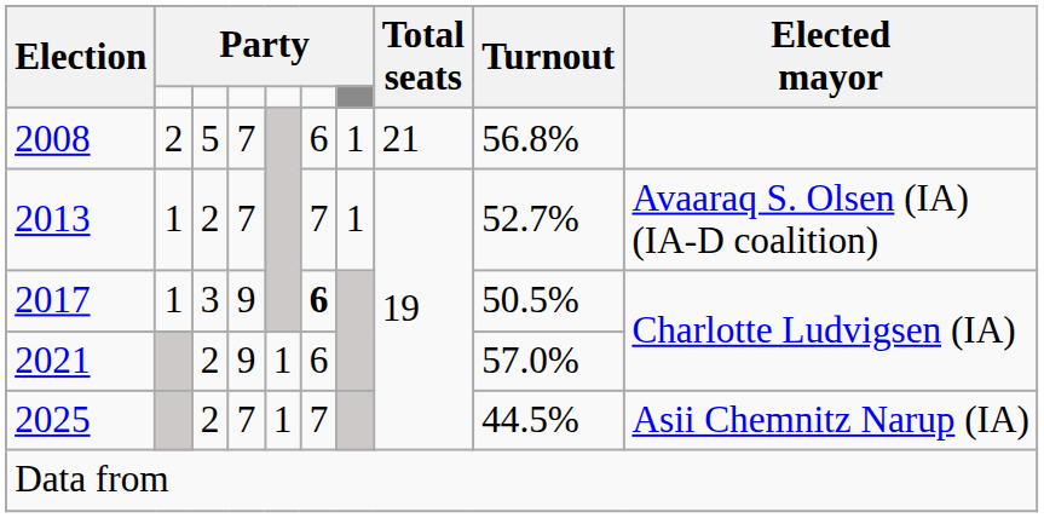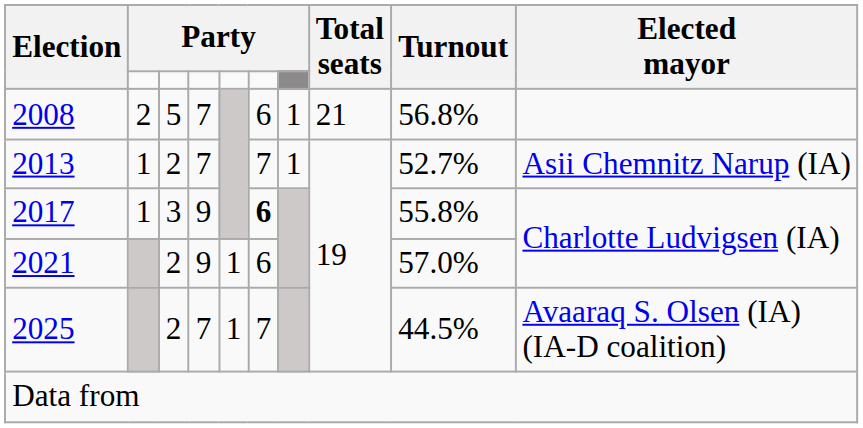 <table class="wikitable">
 <tr>
 <th rowspan="2">Election</th>
 <th colspan="6">Party</th>
 <th rowspan="2">Total<br>seats</th>
 <th rowspan="2">Turnout</th>
 <th rowspan="2">Elected<br>mayor</th>
 </tr>
 <tr>
 <td style="background:"><strong><a href='#'></a></strong></td>
 <td style="background:"><strong><a href='#'></a></strong></td>
 <td style="background:"><strong><a href='#'></a></strong></td>
 <td style="background:"><strong><a href='#'></a></strong></td>
 <td style="background:"><strong><a href='#'></a></strong></td>
 <td style="background:#8B8989;"><strong></strong></td>
 </tr>
 <tr>
 <td><a href='#'>2008</a></td>
 <td>2</td>
 <td>5</td>
 <td>7</td>
 <td style="background:#CDC9C9;" rowspan="3"></td>
 <td>6</td>
 <td>1</td>
 <td>21</td>
 <td>56.8%</td>
 <td></td>
 </tr>
 <tr>
 <td><a href='#'>2013</a></td>
 <td>1</td>
 <td>2</td>
 <td>7</td>
 <td>7</td>
 <td>1</td>
 <td rowspan="4">19</td>
 <td>52.7%</td>
-<td><a href='#'>Avaaraq S. Olsen</a> (IA) <br> (IA-D coalition)</td>
+<td><a href='#'>Asii Chemnitz Narup</a> (IA)</td>
 </tr>
 <tr>
 <td><a href='#'>2017</a></td>
 <td>1</td>
 <td>3</td>
 <td>9</td>
 <td><strong>6</strong></td>
 <td style="background:#CDC9C9;" rowspan="2"></td>
-<td>50.5%</td>
+<td>55.8%</td>
 <td rowspan="2"><a href='#'>Charlotte Ludvigsen</a> (IA)</td>
 </tr>
 <tr>
 <td><a href='#'>2021</a></td>
 <td style="background:#CDC9C9;"></td>
 <td>2</td>
 <td>9</td>
 <td>1</td>
 <td>6</td>
 <td>57.0%</td>
 </tr>
 <tr>
 <td><a href='#'>2025</a></td>
 <td style="background:#CDC9C9;"></td>
 <td>2</td>
 <td>7</td>
 <td>1</td>
 <td>7</td>
 <td style="background:#CDC9C9;"></td>
 <td>44.5%</td>
-<td><a href='#'>Asii Chemnitz Narup</a> (IA)</td>
+<td><a href='#'>Avaaraq S. Olsen</a> (IA) <br> (IA-D coalition)</td>
 </tr>
 <tr>
 <td colspan="14">Data from </td>
 </tr>
 </table>
